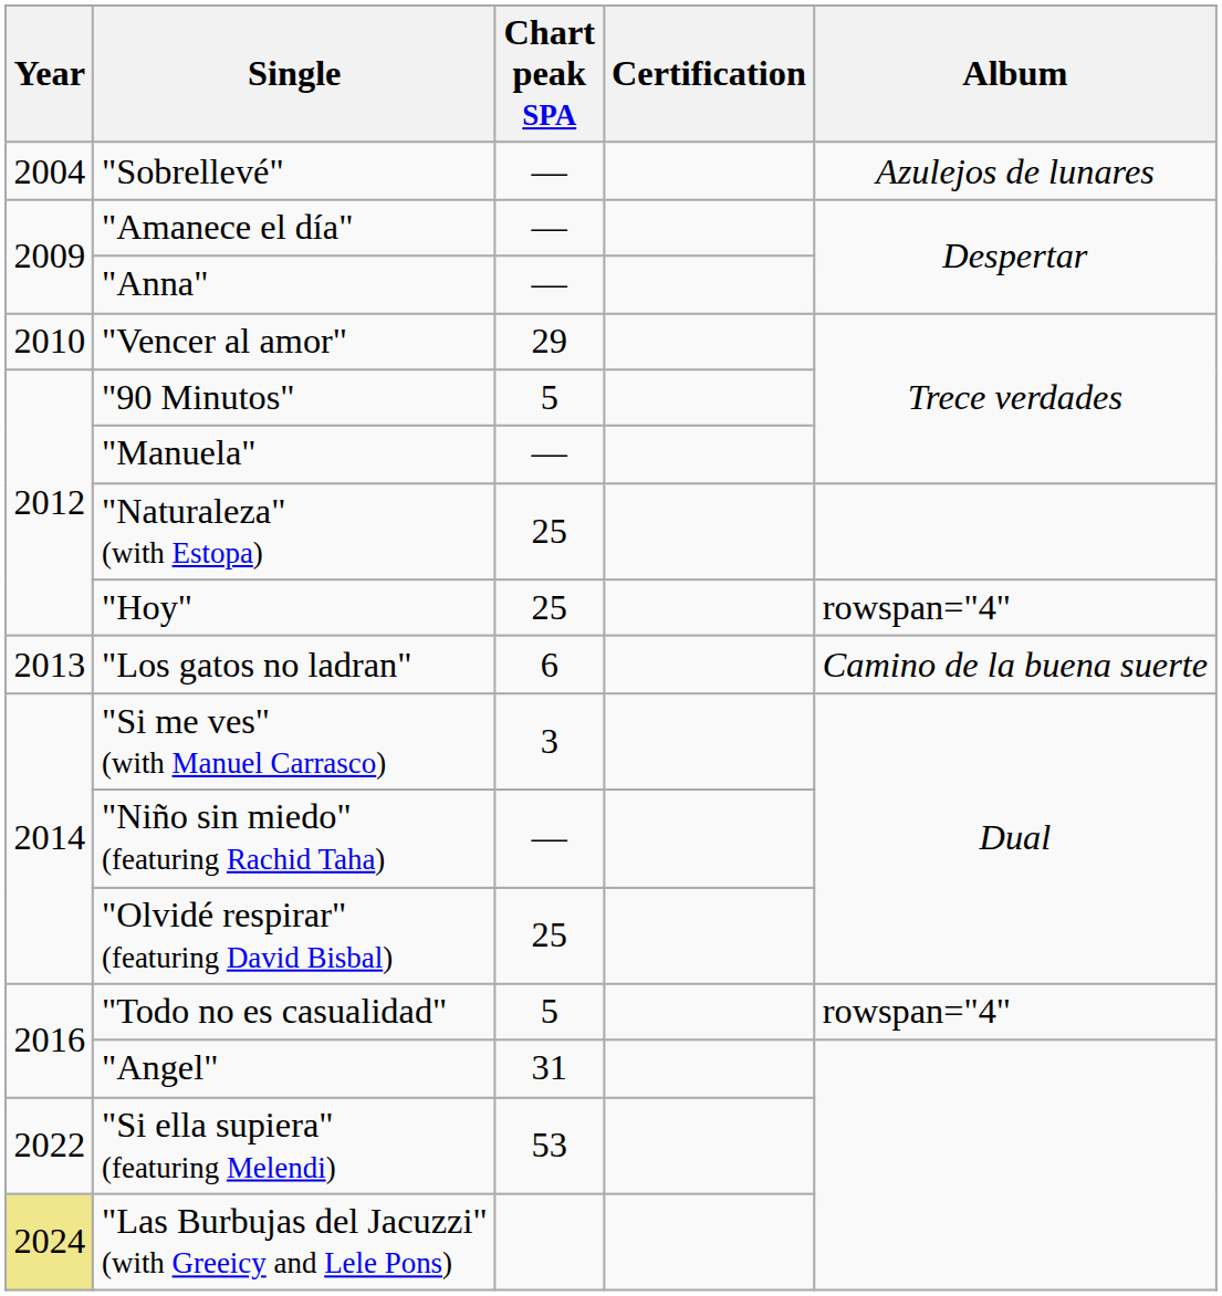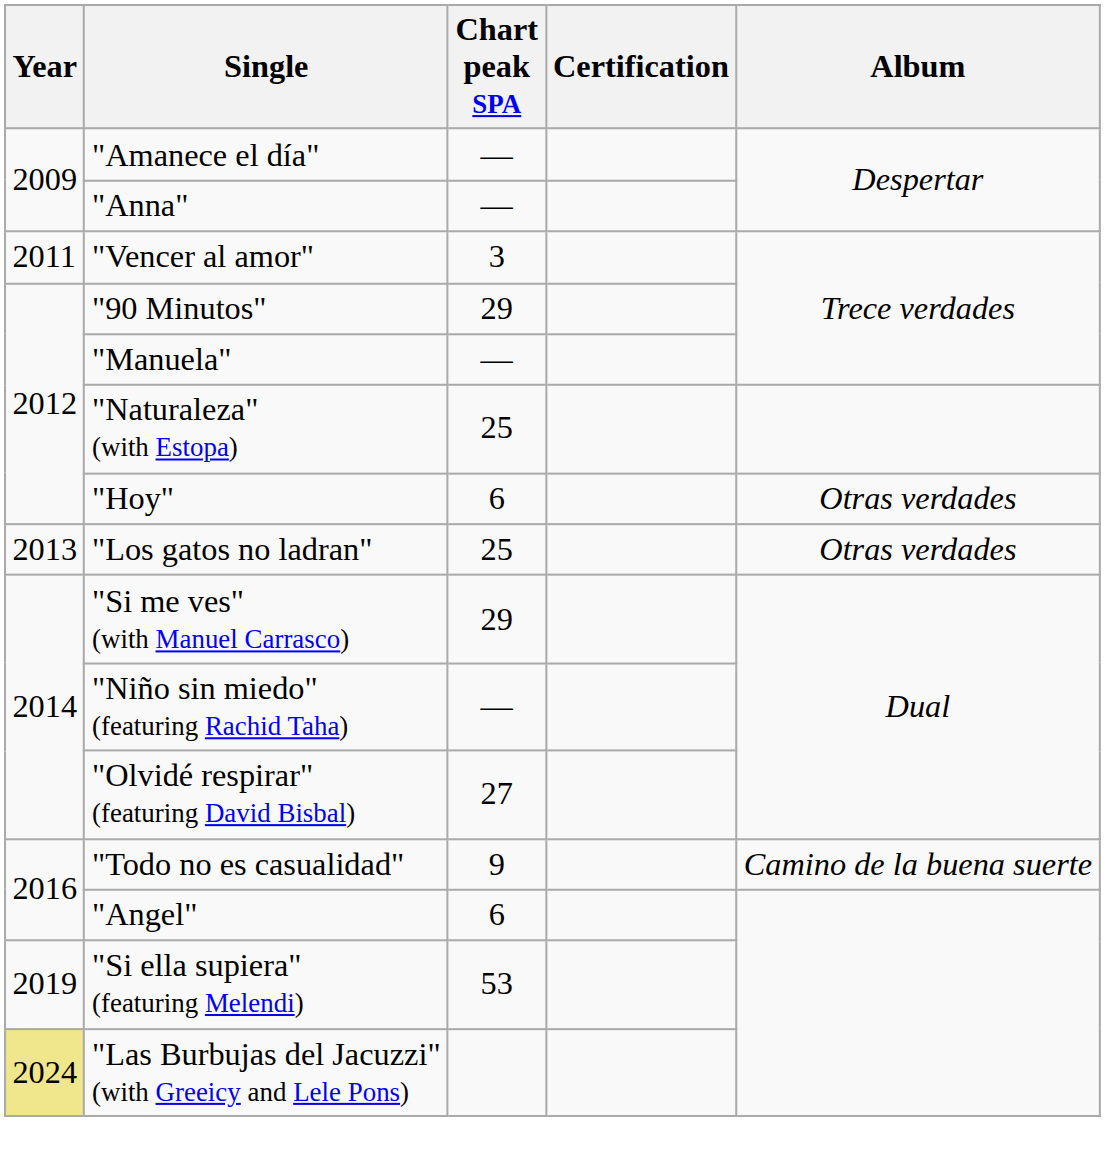 <table class="wikitable">
 <tr>
 <th>Year</th>
 <th>Single</th>
 <th>Chart <br>peak<br><small><a href='#'>SPA</a><br></small></th>
 <th>Certification</th>
 <th>Album</th>
-</tr>
-<tr>
-<td>2004</td>
-<td>"Sobrellevé"</td>
-<td style="text-align:center;">—</td>
-<td style="text-align:center;"></td>
-<td style="text-align:center;"><em>Azulejos de lunares</em></td>
 </tr>
 <tr>
 <td rowspan=2>2009</td>
 <td>"Amanece el día"</td>
 <td style="text-align:center;">—</td>
 <td style="text-align:center;"></td>
 <td style="text-align:center;" rowspan=2><em>Despertar</em></td>
 </tr>
 <tr>
 <td>"Anna"</td>
 <td style="text-align:center;">—</td>
 <td style="text-align:center;"></td>
 </tr>
 <tr>
-<td>2010</td>
+<td>2011</td>
 <td>"Vencer al amor"</td>
-<td style="text-align:center;">29</td>
+<td style="text-align:center;">3</td>
 <td style="text-align:center;"></td>
 <td style="text-align:center;" rowspan=3><em>Trece verdades</em></td>
 </tr>
 <tr>
 <td rowspan=4>2012</td>
 <td>"90 Minutos"</td>
-<td style="text-align:center;">5</td>
+<td style="text-align:center;">29</td>
 <td style="text-align:center;"></td>
 </tr>
 <tr>
 <td>"Manuela"</td>
 <td style="text-align:center;">—</td>
 <td style="text-align:center;"></td>
 </tr>
 <tr>
 <td>"Naturaleza"<br><small>(with <a href='#'>Estopa</a>)</small></td>
 <td style="text-align:center;">25</td>
 <td style="text-align:center;"></td>
 <td></td>
 </tr>
 <tr>
 <td>"Hoy"</td>
-<td style="text-align:center;">25</td>
+<td style="text-align:center;">6</td>
 <td style="text-align:center;"></td>
-<td>rowspan="4" </td>
+<td style="text-align:center;"><em>Otras verdades</em></td>
 </tr>
 <tr>
 <td>2013</td>
 <td>"Los gatos no ladran"</td>
-<td style="text-align:center;">6</td>
+<td style="text-align:center;">25</td>
 <td style="text-align:center;"></td>
-<td style="text-align:center;"><em>Camino de la buena suerte</em></td>
+<td style="text-align:center;"><em>Otras verdades</em></td>
 </tr>
 <tr>
 <td rowspan=3>2014</td>
 <td>"Si me ves"<br><small>(with <a href='#'>Manuel Carrasco</a>)</small></td>
-<td style="text-align:center;">3</td>
+<td style="text-align:center;">29</td>
 <td style="text-align:center;"></td>
 <td style="text-align:center;" rowspan=3><em>Dual</em></td>
 </tr>
 <tr>
 <td>"Niño sin miedo"<br><small>(featuring <a href='#'>Rachid Taha</a>)</small></td>
 <td style="text-align:center;">—</td>
 <td style="text-align:center;"></td>
 </tr>
 <tr>
 <td>"Olvidé respirar"<br><small>(featuring <a href='#'>David Bisbal</a>)</small></td>
-<td style="text-align:center;">25</td>
+<td style="text-align:center;">27</td>
 <td style="text-align:center;"></td>
 </tr>
 <tr>
 <td rowspan="2">2016</td>
 <td>"Todo no es casualidad"</td>
-<td style="text-align:center;">5</td>
+<td style="text-align:center;">9</td>
 <td style="text-align:center;"></td>
-<td>rowspan="4" </td>
+<td style="text-align:center;"><em>Camino de la buena suerte</em></td>
 </tr>
 <tr>
 <td>"Angel"</td>
-<td style="text-align:center;">31</td>
+<td style="text-align:center;">6</td>
 <td style="text-align:center;"></td>
 </tr>
 <tr>
-<td>2022</td>
+<td>2019</td>
 <td>"Si ella supiera"<br><small>(featuring <a href='#'>Melendi</a>)</small></td>
 <td style="text-align:center;">53</td>
 <td style="text-align:center;"></td>
 </tr>
 <tr>
 <td style="background: khaki;">2024</td>
 <td>"Las Burbujas del Jacuzzi"<br><small>(with <a href='#'>Greeicy</a> and <a href='#'>Lele Pons</a>)</small></td>
 <td></td>
 <td></td>
 </tr>
 </table>
